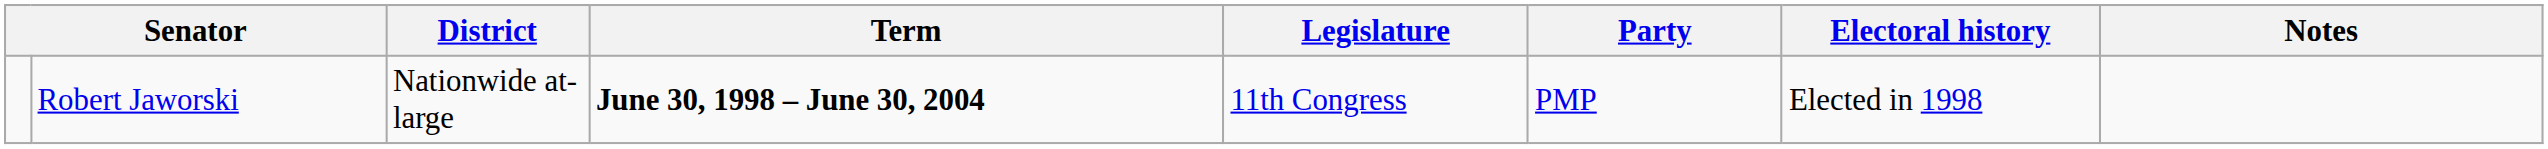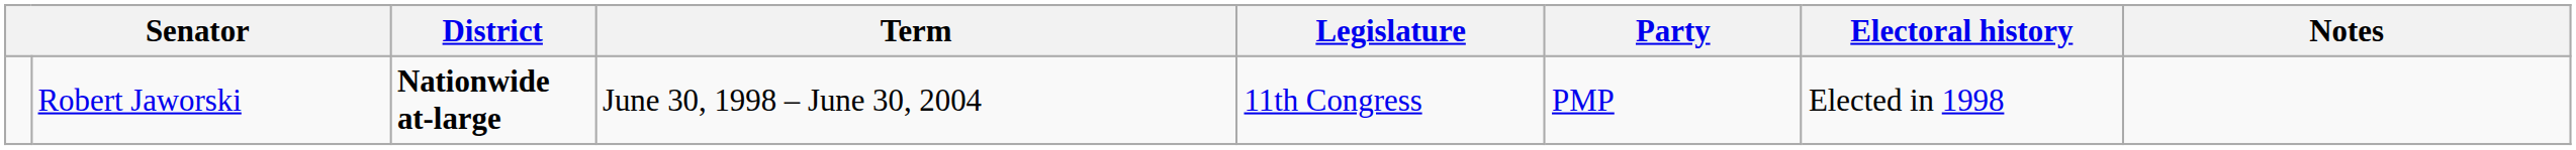 <table class="wikitable" style="font-size:95%" width=99%>
 <tr>
 <th colspan="2" width="15%">Senator</th>
 <th width="8%"><a href='#'>District</a></th>
 <th width="25%">Term</th>
 <th width="12%"><a href='#'>Legislature</a></th>
 <th width="10%"><a href='#'>Party</a></th>
 <th width="12.5%"><a href='#'>Electoral history</a></th>
 <th width="17.5%">Notes</th>
 </tr>
 <tr>
 <td width=1% style="background-color:"></td>
 <td><a href='#'>Robert Jaworski</a></td>
-<td>Nationwide at-large</td>
-<td><strong>June 30, 1998 – June 30, 2004</strong></td>
+<td><strong>Nationwide at-large</strong></td>
+<td>June 30, 1998 – June 30, 2004</td>
 <td><a href='#'>11th Congress</a></td>
 <td><a href='#'>PMP</a></td>
 <td>Elected in <a href='#'>1998</a></td>
 <td></td>
 </tr>
 </table>
